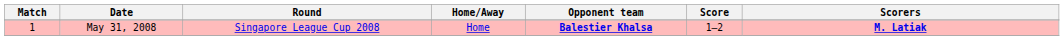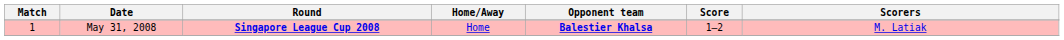 <table class="wikitable" width=90%>
 <tr>
 <th>Match</th>
 <th>Date</th>
 <th>Round</th>
 <th>Home/Away</th>
 <th>Opponent team</th>
 <th>Score</th>
 <th width=30%>Scorers</th>
 </tr>
 <tr>
 </tr>
 <tr bgcolor="#ffbbbb">
 <td style="text-align: center">1</td>
 <td style="text-align: center">May 31, 2008</td>
-<td style="text-align: center"><a href='#'>Singapore League Cup 2008</a></td>
+<td style="text-align: center"><strong><a href='#'>Singapore League Cup 2008</a></strong></td>
 <td style="text-align: center"><a href='#'>Home</a></td>
 <td style="text-align: center"><strong><a href='#'>Balestier Khalsa</a></strong></td>
 <td style="text-align: center">1–2</td>
-<td style="text-align: center"><strong><a href='#'>M. Latiak</a> </strong></td>
+<td style="text-align: center"><a href='#'>M. Latiak</a> </td>
 </tr>
 <tr>
 </tr>
 </table>
